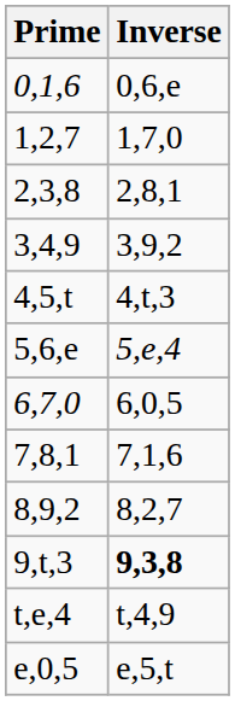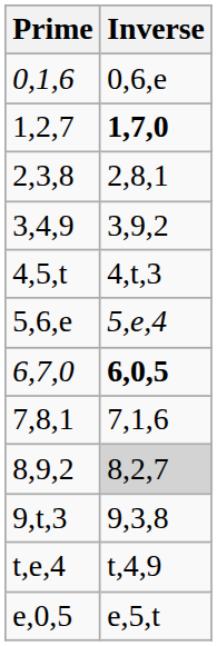 <table class="wikitable">
 <tr>
 <th>Prime</th>
 <th>Inverse</th>
 </tr>
 <tr>
 <td><em>0,1,6</em></td>
 <td>0,6,e</td>
 </tr>
 <tr>
 <td>1,2,7</td>
-<td>1,7,0</td>
+<td><strong>1,7,0</strong></td>
 </tr>
 <tr>
 <td>2,3,8</td>
 <td>2,8,1</td>
 </tr>
 <tr>
 <td>3,4,9</td>
 <td>3,9,2</td>
 </tr>
 <tr>
 <td>4,5,t</td>
 <td>4,t,3</td>
 </tr>
 <tr>
 <td>5,6,e</td>
 <td><em>5,e,4</em></td>
 </tr>
 <tr>
 <td><em>6,7,0</em></td>
-<td>6,0,5</td>
+<td><strong>6,0,5</strong></td>
 </tr>
 <tr>
 <td>7,8,1</td>
 <td>7,1,6</td>
 </tr>
 <tr>
 <td>8,9,2</td>
-<td>8,2,7</td>
+<td style="background: lightgrey;">8,2,7</td>
 </tr>
 <tr>
 <td>9,t,3</td>
-<td><strong>9,3,8</strong></td>
+<td>9,3,8</td>
 </tr>
 <tr>
 <td>t,e,4</td>
 <td>t,4,9</td>
 </tr>
 <tr>
 <td>e,0,5</td>
 <td>e,5,t</td>
 </tr>
 </table>
